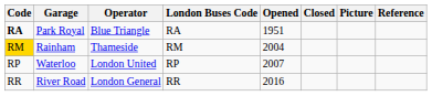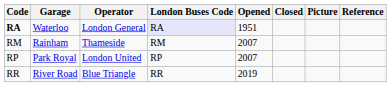 <table class="wikitable">
 <tr>
 <th>Code</th>
 <th>Garage</th>
 <th>Operator</th>
 <th>London Buses Code</th>
 <th>Opened</th>
 <th>Closed</th>
 <th>Picture</th>
 <th>Reference</th>
 </tr>
 <tr>
 <td><strong>RA</strong></td>
-<td><a href='#'>Park Royal</a></td>
-<td><a href='#'>Blue Triangle</a></td>
-<td>RA</td>
+<td><a href='#'>Waterloo</a></td>
+<td><a href='#'>London General</a></td>
+<td style="background: lavender;">RA</td>
 <td>1951</td>
 <td></td>
 <td></td>
 <td></td>
 </tr>
 <tr>
-<td style="background: gold;">RM</td>
+<td>RM</td>
 <td><a href='#'>Rainham</a></td>
 <td><a href='#'>Thameside</a></td>
 <td>RM</td>
-<td>2004</td>
+<td>2007</td>
 <td></td>
 <td></td>
 <td></td>
 </tr>
 <tr>
 <td>RP</td>
-<td><a href='#'>Waterloo</a></td>
+<td><a href='#'>Park Royal</a></td>
 <td><a href='#'>London United</a></td>
 <td>RP</td>
 <td>2007</td>
 <td></td>
 <td></td>
 <td></td>
 </tr>
 <tr>
 <td>RR</td>
 <td><a href='#'>River Road</a></td>
-<td><a href='#'>London General</a></td>
+<td><a href='#'>Blue Triangle</a></td>
 <td>RR</td>
-<td>2016</td>
+<td>2019</td>
 <td></td>
 <td></td>
 <td></td>
 </tr>
 </table>
